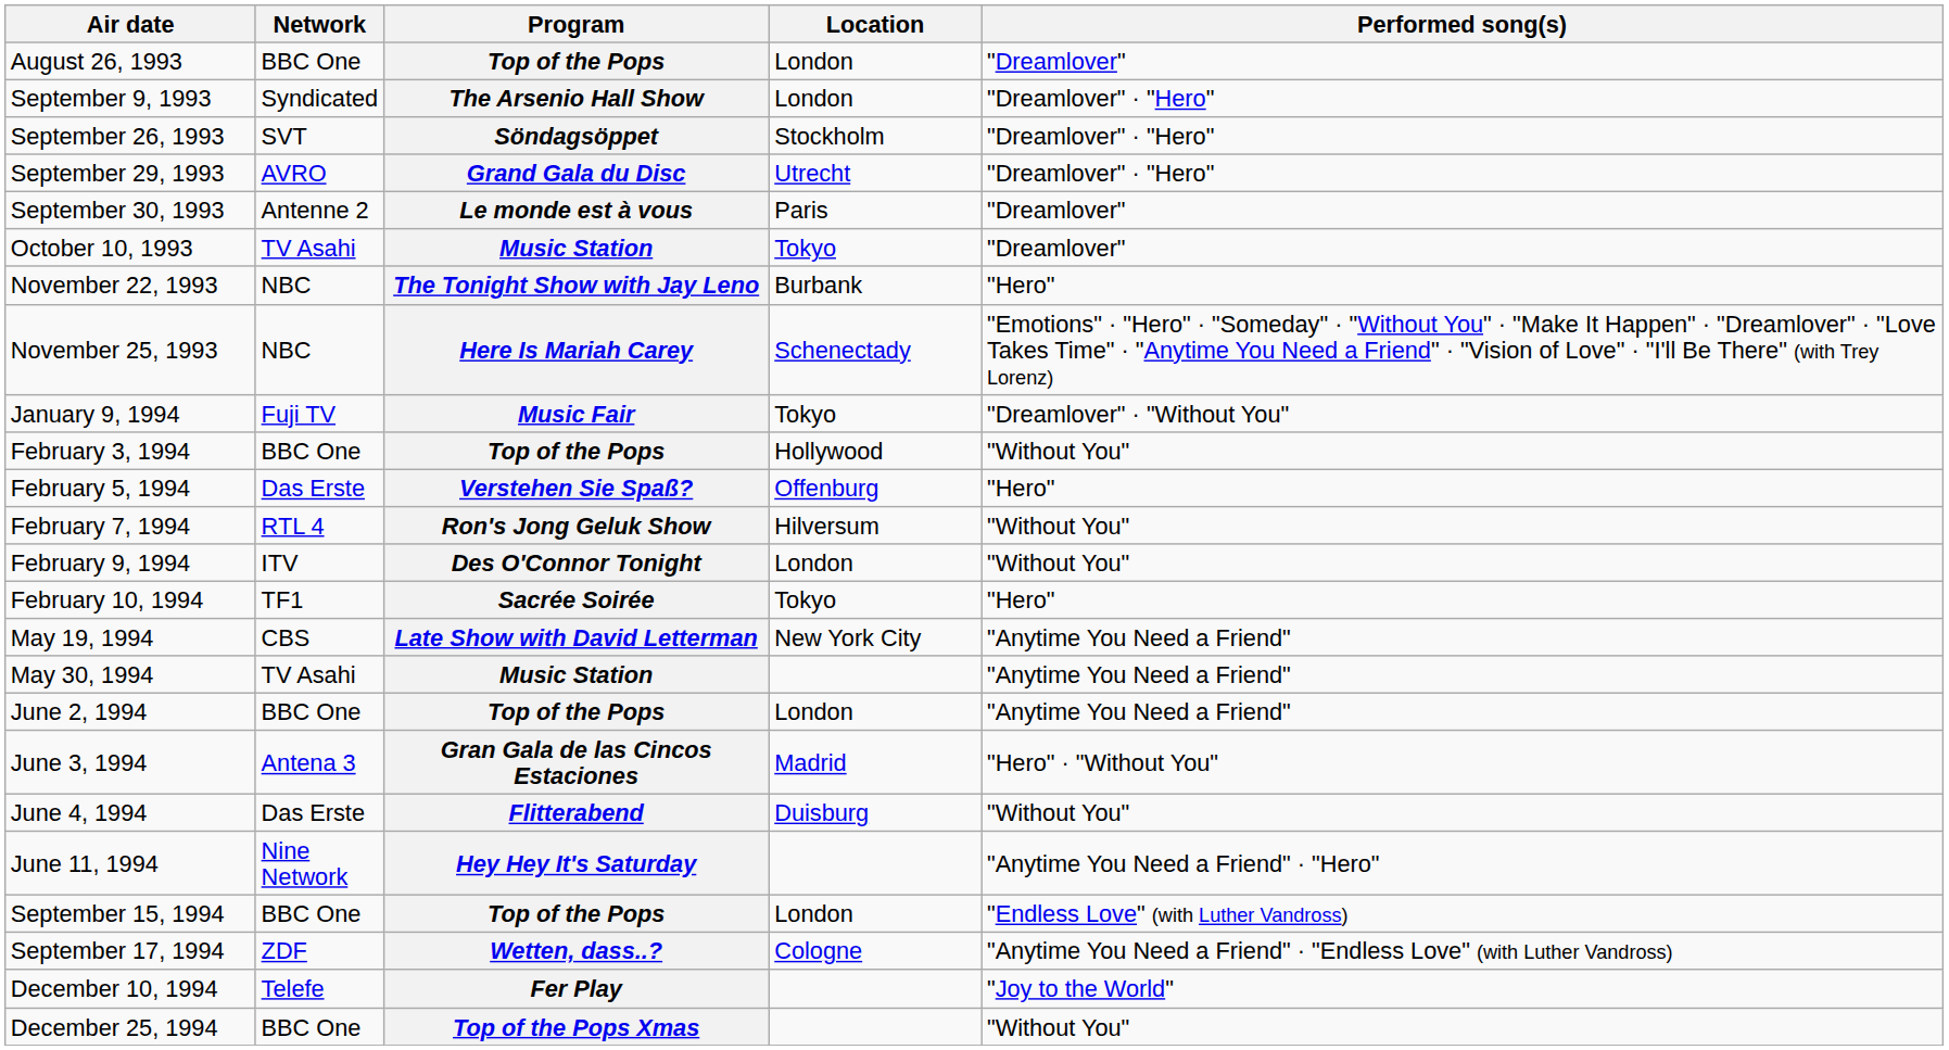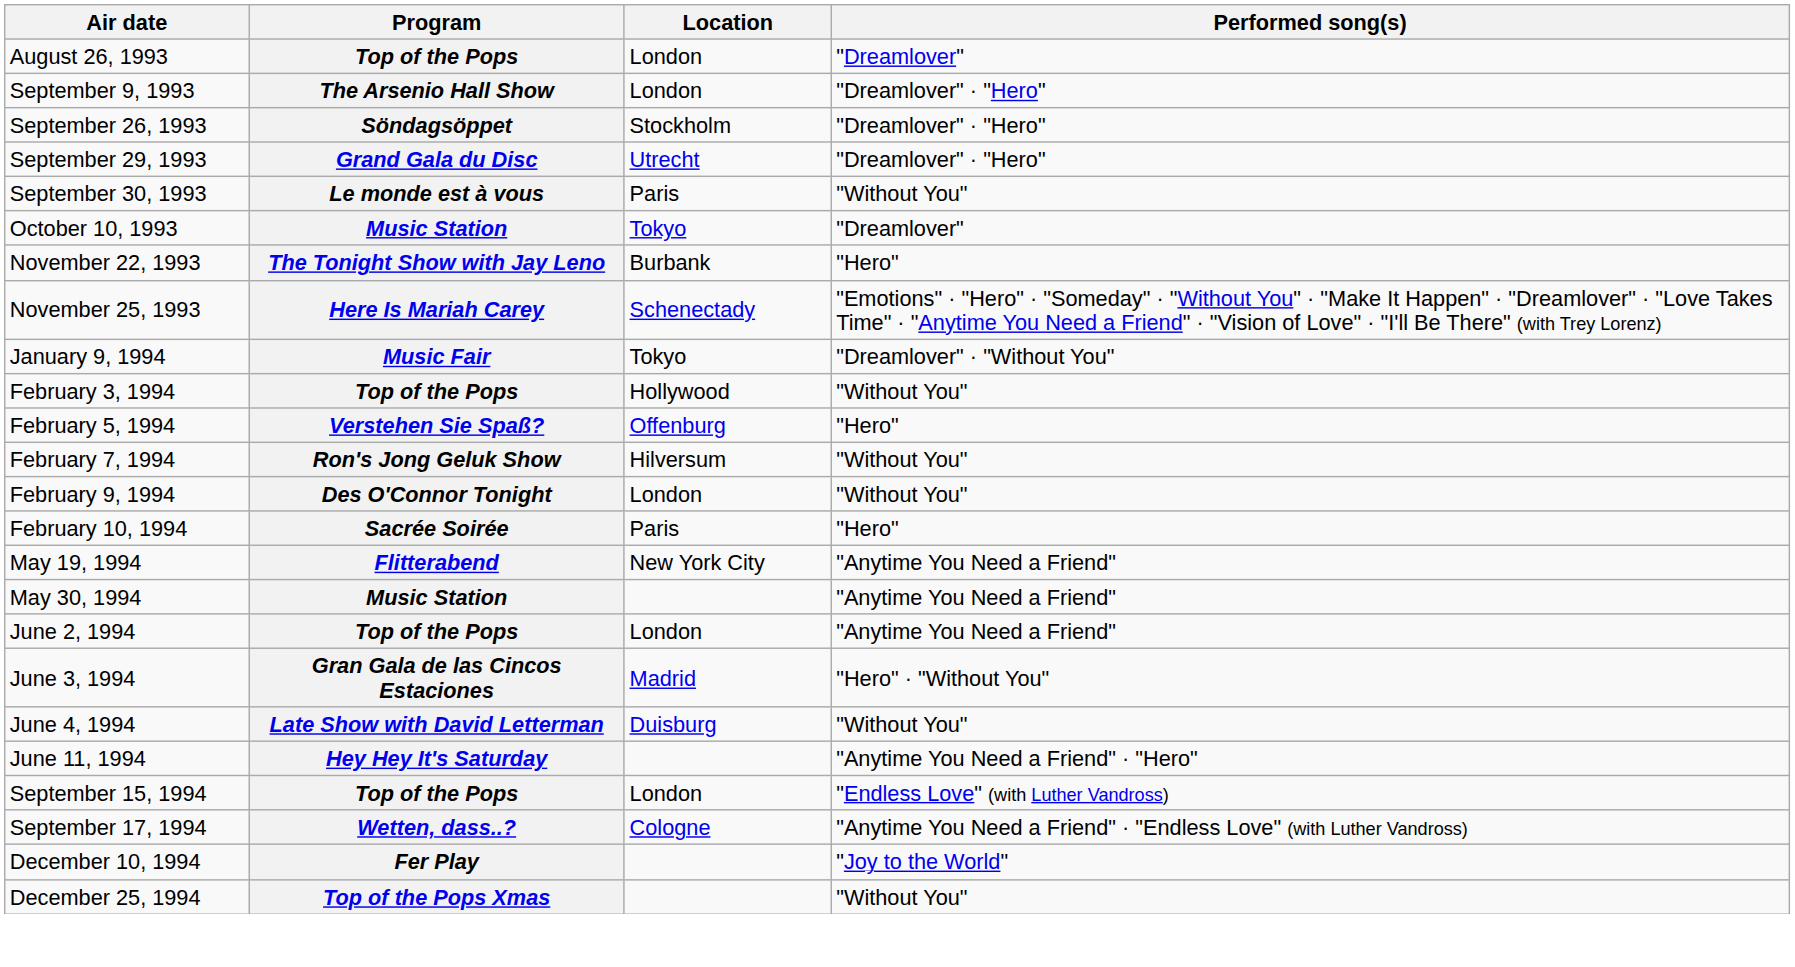 <table class="wikitable sortable plainrowheaders" style="font-size:95%;">
 <tr>
 <th style="width:13%;">Air date</th>
-<th style="width:6%;">Network</th>
 <th style="width:20%;">Program</th>
 <th style="width:11%;">Location</th>
 <th style="width:51%;">Performed song(s)</th>
 </tr>
 <tr>
 <td>August 26, 1993</td>
-<td>BBC One</td>
 <th scope="row"><em>Top of the Pops</em></th>
 <td>London</td>
 <td>"<a href='#'>Dreamlover</a>"</td>
 </tr>
 <tr>
 <td>September 9, 1993</td>
-<td>Syndicated</td>
 <th scope="row"><em>The Arsenio Hall Show</em></th>
 <td>London</td>
 <td>"Dreamlover" · "<a href='#'>Hero</a>"</td>
 </tr>
 <tr>
 <td>September 26, 1993</td>
-<td>SVT</td>
 <th scope="row"><em>Söndagsöppet</em></th>
 <td>Stockholm</td>
 <td>"Dreamlover" · "Hero"</td>
 </tr>
 <tr>
 <td>September 29, 1993</td>
-<td><a href='#'>AVRO</a></td>
 <th scope="row"><em><a href='#'>Grand Gala du Disc</a></em></th>
 <td><a href='#'>Utrecht</a></td>
 <td>"Dreamlover" · "Hero"</td>
 </tr>
 <tr>
 <td>September 30, 1993</td>
-<td>Antenne 2</td>
 <th scope="row"><em>Le monde est à vous</em></th>
 <td>Paris</td>
-<td>"Dreamlover"</td>
+<td>"Without You"</td>
 </tr>
 <tr>
 <td>October 10, 1993</td>
-<td><a href='#'>TV Asahi</a></td>
 <th scope="row"><em><a href='#'>Music Station</a></em></th>
 <td><a href='#'>Tokyo</a></td>
 <td>"Dreamlover"</td>
 </tr>
 <tr>
 <td>November 22, 1993</td>
-<td>NBC</td>
 <th scope="row"><em><a href='#'>The Tonight Show with Jay Leno</a></em></th>
 <td>Burbank</td>
 <td>"Hero"</td>
 </tr>
 <tr>
 <td>November 25, 1993</td>
-<td>NBC</td>
 <th scope="row"><em><a href='#'>Here Is Mariah Carey</a></em></th>
 <td><a href='#'>Schenectady</a></td>
 <td>"Emotions" · "Hero" · "Someday" · "<a href='#'>Without You</a>" · "Make It Happen" · "Dreamlover" · "Love Takes Time" · "<a href='#'>Anytime You Need a Friend</a>" · "Vision of Love" · "I'll Be There" <small>(with Trey Lorenz)</small></td>
 </tr>
 <tr>
 <td>January 9, 1994</td>
-<td><a href='#'>Fuji TV</a></td>
 <th scope="row"><em><a href='#'>Music Fair</a></em></th>
 <td>Tokyo</td>
 <td>"Dreamlover" · "Without You"</td>
 </tr>
 <tr>
 <td>February 3, 1994</td>
-<td>BBC One</td>
 <th scope="row"><em>Top of the Pops</em></th>
 <td>Hollywood</td>
 <td>"Without You"</td>
 </tr>
 <tr>
 <td>February 5, 1994</td>
-<td><a href='#'>Das Erste</a></td>
 <th scope="row"><em><a href='#'>Verstehen Sie Spaß?</a></em></th>
 <td><a href='#'>Offenburg</a></td>
 <td>"Hero"</td>
 </tr>
 <tr>
 <td>February 7, 1994</td>
-<td><a href='#'>RTL 4</a></td>
 <th scope="row"><em>Ron's Jong Geluk Show</em></th>
 <td>Hilversum</td>
 <td>"Without You"</td>
 </tr>
 <tr>
 <td>February 9, 1994</td>
-<td>ITV</td>
 <th scope="row"><em>Des O'Connor Tonight</em></th>
 <td>London</td>
 <td>"Without You"</td>
 </tr>
 <tr>
 <td>February 10, 1994</td>
-<td>TF1</td>
 <th scope="row"><em>Sacrée Soirée</em></th>
-<td>Tokyo</td>
+<td>Paris</td>
 <td>"Hero"</td>
 </tr>
 <tr>
 <td>May 19, 1994</td>
-<td>CBS</td>
-<th scope="row"><em><a href='#'>Late Show with David Letterman</a></em></th>
+<th scope="row"><em><a href='#'>Flitterabend</a></em></th>
 <td>New York City</td>
 <td>"Anytime You Need a Friend"</td>
 </tr>
 <tr>
 <td>May 30, 1994</td>
-<td>TV Asahi</td>
 <th scope="row"><em>Music Station</em></th>
 <td></td>
 <td>"Anytime You Need a Friend"</td>
 </tr>
 <tr>
 <td>June 2, 1994</td>
-<td>BBC One</td>
 <th scope="row"><em>Top of the Pops</em></th>
 <td>London</td>
 <td>"Anytime You Need a Friend"</td>
 </tr>
 <tr>
 <td>June 3, 1994</td>
-<td><a href='#'>Antena 3</a></td>
 <th scope="row"><em>Gran Gala de las Cincos Estaciones</em></th>
 <td><a href='#'>Madrid</a></td>
 <td>"Hero" · "Without You"</td>
 </tr>
 <tr>
 <td>June 4, 1994</td>
-<td>Das Erste</td>
-<th scope="row"><em><a href='#'>Flitterabend</a></em></th>
+<th scope="row"><em><a href='#'>Late Show with David Letterman</a></em></th>
 <td><a href='#'>Duisburg</a></td>
 <td>"Without You"</td>
 </tr>
 <tr>
 <td>June 11, 1994</td>
-<td><a href='#'>Nine Network</a></td>
 <th scope="row"><em><a href='#'>Hey Hey It's Saturday</a></em></th>
 <td></td>
 <td>"Anytime You Need a Friend" · "Hero"</td>
 </tr>
 <tr>
 <td>September 15, 1994</td>
-<td>BBC One</td>
 <th scope="row"><em>Top of the Pops</em></th>
 <td>London</td>
 <td>"<a href='#'>Endless Love</a>" <small>(with <a href='#'>Luther Vandross</a>)</small></td>
 </tr>
 <tr>
 <td>September 17, 1994</td>
-<td><a href='#'>ZDF</a></td>
 <th scope="row"><em><a href='#'>Wetten, dass..?</a></em></th>
 <td><a href='#'>Cologne</a></td>
 <td>"Anytime You Need a Friend" · "Endless Love" <small>(with Luther Vandross)</small></td>
 </tr>
 <tr>
 <td>December 10, 1994</td>
-<td><a href='#'>Telefe</a></td>
 <th scope="row"><em>Fer Play</em></th>
 <td></td>
 <td>"<a href='#'>Joy to the World</a>"</td>
 </tr>
 <tr>
 <td>December 25, 1994</td>
-<td>BBC One</td>
 <th scope="row"><em><a href='#'>Top of the Pops Xmas</a></em></th>
 <td></td>
 <td>"Without You"</td>
 </tr>
 </table>
